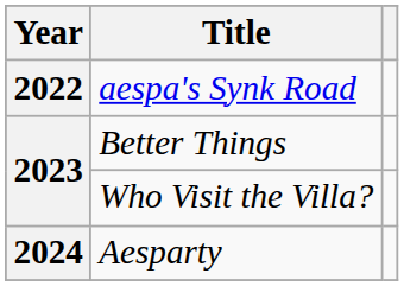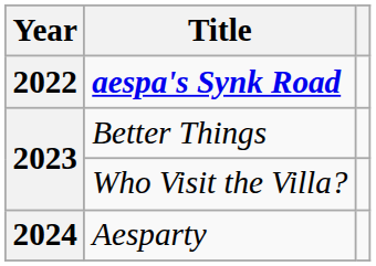 <table class="wikitable plainrowheaders">
 <tr>
 <th scope="col">Year</th>
 <th scope="col">Title</th>
 <th scope="col" class="unsortable"></th>
 </tr>
 <tr>
 <th scope="row">2022</th>
-<td><em><a href='#'>aespa's Synk Road</a></em></td>
+<td><strong><em><a href='#'>aespa's Synk Road</a></em></strong></td>
 <td style="text-align:center"></td>
 </tr>
 <tr>
 <th scope="row" rowspan="2">2023</th>
 <td><em>Better Things</em></td>
 <td style="text-align:center"></td>
 </tr>
 <tr>
 <td><em>Who Visit the Villa?</em></td>
 <td style="text-align:center"></td>
 </tr>
 <tr>
 <th scope="row">2024</th>
 <td><em>Aesparty</em></td>
 <td style="text-align:center"></td>
 </tr>
 </table>
